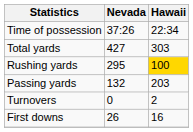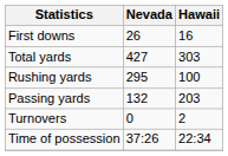 <table class="wikitable">
 <tr>
 <th>Statistics</th>
 <th>Nevada</th>
 <th>Hawaii</th>
 </tr>
 <tr>
-<td>Time of possession</td>
-<td>37:26</td>
-<td>22:34</td>
+<td>First downs</td>
+<td>26</td>
+<td>16</td>
 </tr>
 <tr>
 <td>Total yards</td>
 <td>427</td>
 <td>303</td>
 </tr>
 <tr>
 <td>Rushing yards</td>
 <td>295</td>
-<td style="background: gold;">100</td>
+<td>100</td>
 </tr>
 <tr>
 <td>Passing yards</td>
 <td>132</td>
 <td>203</td>
 </tr>
 <tr>
 <td>Turnovers</td>
 <td>0</td>
 <td>2</td>
 </tr>
 <tr>
-<td>First downs</td>
-<td>26</td>
-<td>16</td>
+<td>Time of possession</td>
+<td>37:26</td>
+<td>22:34</td>
 </tr>
 <tr>
 </tr>
 </table>
